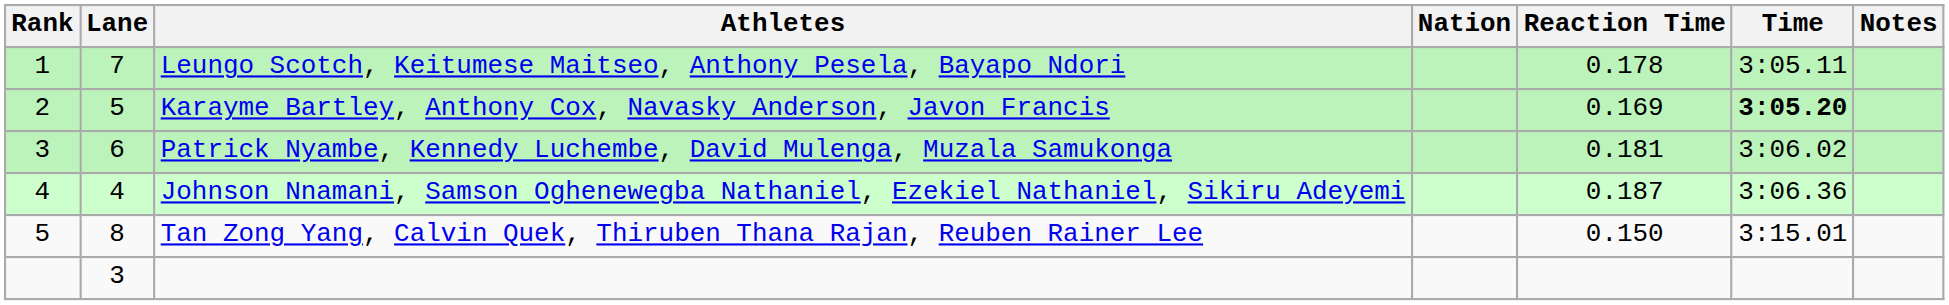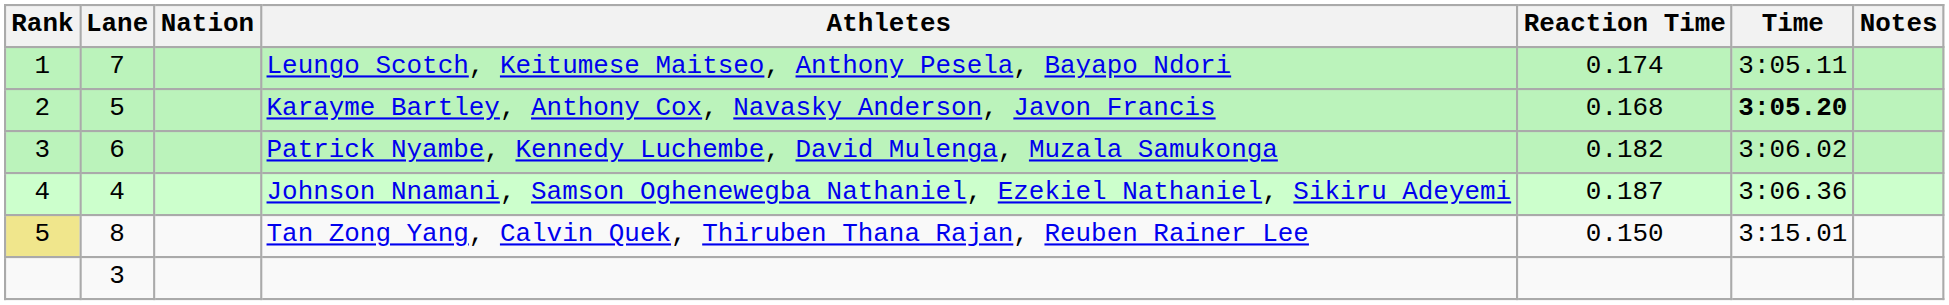 <table class="wikitable sortable" style="text-align:center; font-size:95%">
 <tr>
 <th>Rank</th>
 <th>Lane</th>
+<th>Nation</th>
 <th>Athletes</th>
-<th>Nation</th>
 <th>Reaction Time</th>
 <th>Time</th>
 <th>Notes</th>
 </tr>
 <tr bgcolor=#bbf3bb>
 <td>1</td>
 <td>7</td>
+<td align="left"></td>
 <td align="left"><a href='#'>Leungo Scotch</a>, <a href='#'>Keitumese Maitseo</a>, <a href='#'>Anthony Pesela</a>, <a href='#'>Bayapo Ndori</a></td>
-<td align="left"></td>
-<td>0.178</td>
+<td>0.174</td>
 <td>3:05.11</td>
 <td></td>
 </tr>
 <tr bgcolor=#bbf3bb>
 <td>2</td>
 <td>5</td>
+<td align="left"></td>
 <td align="left"><a href='#'>Karayme Bartley</a>, <a href='#'>Anthony Cox</a>, <a href='#'>Navasky Anderson</a>, <a href='#'>Javon Francis</a></td>
-<td align="left"></td>
-<td>0.169</td>
+<td>0.168</td>
 <td><strong>3:05.20</strong></td>
 <td></td>
 </tr>
 <tr bgcolor=#bbf3bb>
 <td>3</td>
 <td>6</td>
+<td align="left"></td>
 <td align="left"><a href='#'>Patrick Nyambe</a>, <a href='#'>Kennedy Luchembe</a>, <a href='#'>David Mulenga</a>, <a href='#'>Muzala Samukonga</a></td>
-<td align="left"></td>
-<td>0.181</td>
+<td>0.182</td>
 <td>3:06.02</td>
 <td></td>
 </tr>
 <tr bgcolor=ccffcc>
 <td>4</td>
 <td>4</td>
+<td align="left"></td>
 <td align="left"><a href='#'>Johnson Nnamani</a>, <a href='#'>Samson Oghenewegba Nathaniel</a>, <a href='#'>Ezekiel Nathaniel</a>, <a href='#'>Sikiru Adeyemi</a></td>
-<td align="left"></td>
 <td>0.187</td>
 <td>3:06.36</td>
 <td></td>
 </tr>
 <tr>
-<td>5</td>
+<td style="background: khaki;">5</td>
 <td>8</td>
+<td align="left"></td>
 <td align="left"><a href='#'>Tan Zong Yang</a>, <a href='#'>Calvin Quek</a>, <a href='#'>Thiruben Thana Rajan</a>, <a href='#'>Reuben Rainer Lee</a></td>
-<td align="left"></td>
 <td>0.150</td>
 <td>3:15.01</td>
 <td></td>
 </tr>
 <tr>
 <td></td>
 <td>3</td>
 <td align="left"></td>
 <td align="left"></td>
 <td></td>
 <td></td>
 <td></td>
 </tr>
 </table>
